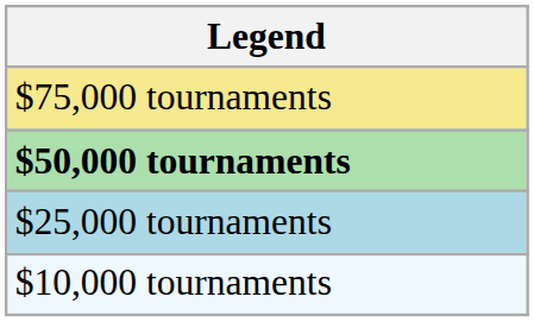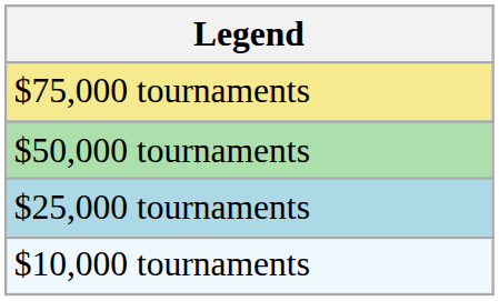 <table class="wikitable" style="font-size:85%;" width=15%>
 <tr>
 <th>Legend</th>
 </tr>
 <tr style="background:#f7e98e;">
 <td>$75,000 tournaments</td>
 </tr>
 <tr bgcolor="#ADDFAD">
-<td><strong>$50,000 tournaments</strong></td>
+<td>$50,000 tournaments</td>
 </tr>
 <tr bgcolor="lightblue">
 <td>$25,000 tournaments</td>
 </tr>
 <tr bgcolor="#f0f8ff">
 <td>$10,000 tournaments</td>
 </tr>
 </table>
